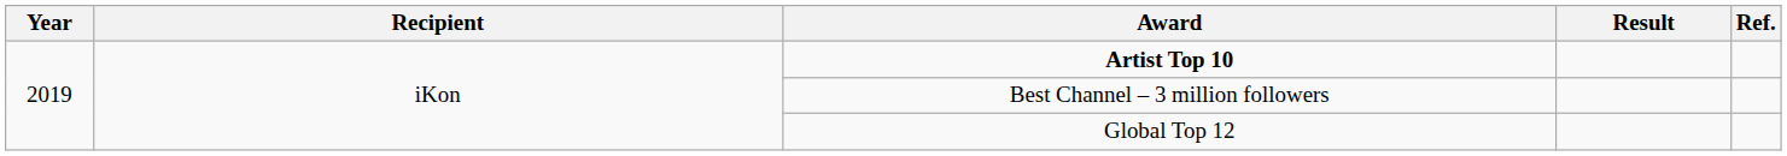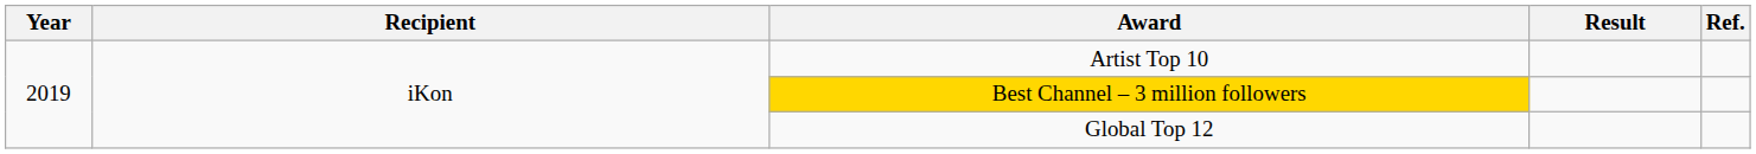 <table class="wikitable" style="text-align:center">
 <tr>
 <th width=5%>Year</th>
 <th style="width:40%;">Recipient</th>
 <th style="width:45%;">Award</th>
 <th style="width:10%;">Result</th>
 <th style="width:5%;">Ref.</th>
 </tr>
 <tr>
 <td rowspan="3">2019</td>
 <td rowspan="3">iKon</td>
-<td><strong>Artist Top 10</strong></td>
+<td>Artist Top 10</td>
 <td></td>
 <td></td>
 </tr>
 <tr>
-<td>Best Channel – 3 million followers</td>
+<td style="background: gold;">Best Channel – 3 million followers</td>
 <td></td>
 <td></td>
 </tr>
 <tr>
 <td>Global Top 12</td>
 <td></td>
 <td></td>
 </tr>
 </table>
